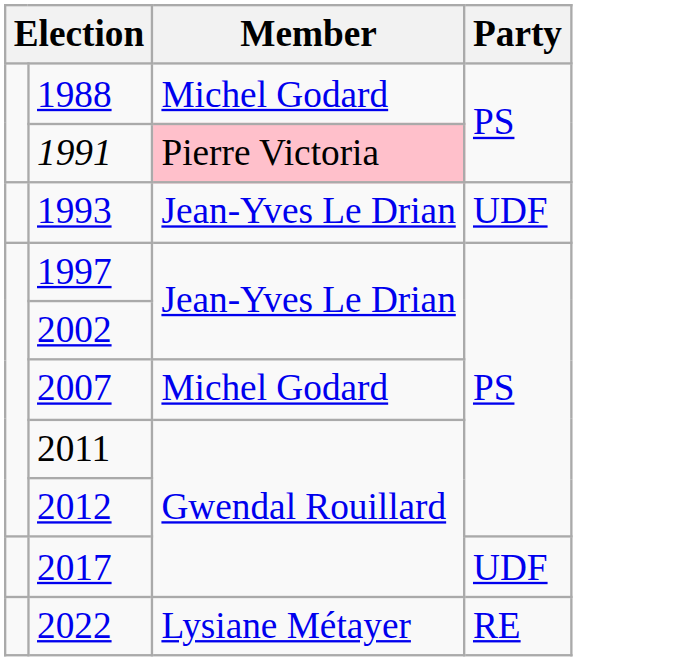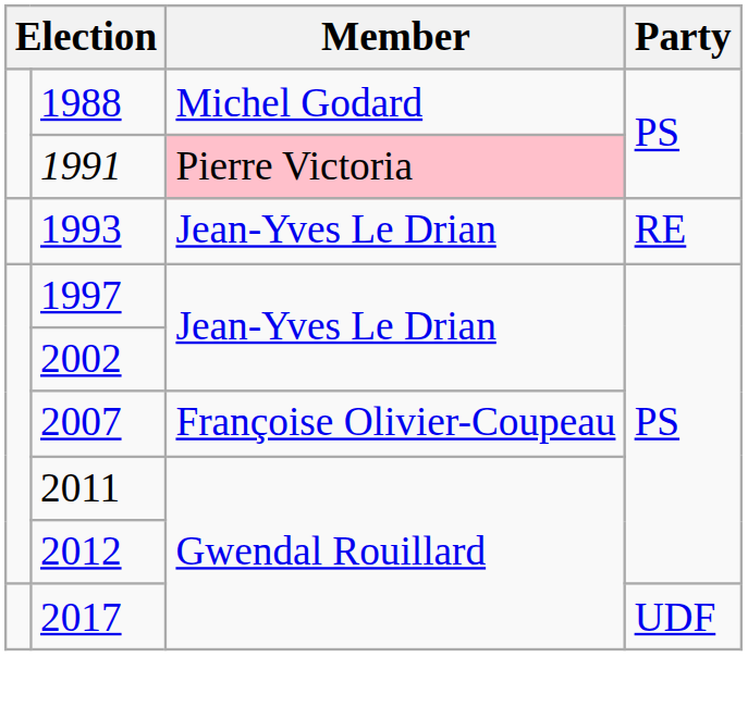 <table class="wikitable">
 <tr>
 <th colspan="2">Election</th>
 <th>Member</th>
 <th>Party</th>
 </tr>
 <tr>
 <td rowspan="2" style="background-color: "></td>
 <td><a href='#'>1988</a></td>
 <td><a href='#'>Michel Godard</a></td>
 <td rowspan="2"><a href='#'>PS</a></td>
 </tr>
 <tr>
 <td><em>1991</em></td>
 <td style="background: pink;">Pierre Victoria</td>
 </tr>
 <tr>
 <td style="color:inherit;background-color: "></td>
 <td><a href='#'>1993</a></td>
 <td><a href='#'>Jean-Yves Le Drian</a></td>
-<td><a href='#'>UDF</a></td>
+<td><a href='#'>RE</a></td>
 </tr>
 <tr>
 <td rowspan="5" style="background-color: "></td>
 <td><a href='#'>1997</a></td>
 <td rowspan="2"><a href='#'>Jean-Yves Le Drian</a></td>
 <td rowspan="5"><a href='#'>PS</a></td>
 </tr>
 <tr>
 <td><a href='#'>2002</a></td>
 </tr>
 <tr>
 <td><a href='#'>2007</a></td>
-<td><a href='#'>Michel Godard</a></td>
+<td><a href='#'>Françoise Olivier-Coupeau</a></td>
 </tr>
 <tr>
 <td>2011</td>
 <td rowspan="3"><a href='#'>Gwendal Rouillard</a></td>
 </tr>
 <tr>
 <td><a href='#'>2012</a></td>
 </tr>
 <tr>
 <td style="color:inherit;background-color: "></td>
 <td><a href='#'>2017</a></td>
 <td><a href='#'>UDF</a></td>
 </tr>
-<tr>
-<td style="color:inherit;background-color: "></td>
-<td><a href='#'>2022</a></td>
-<td><a href='#'>Lysiane Métayer</a></td>
-<td><a href='#'>RE</a></td>
-</tr>
 </table>
